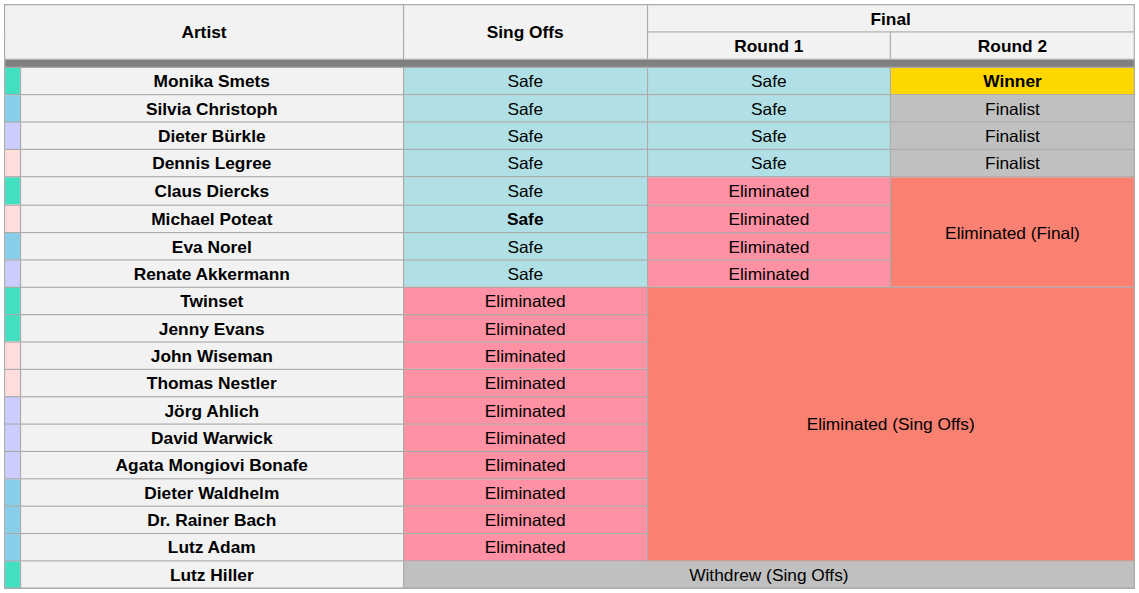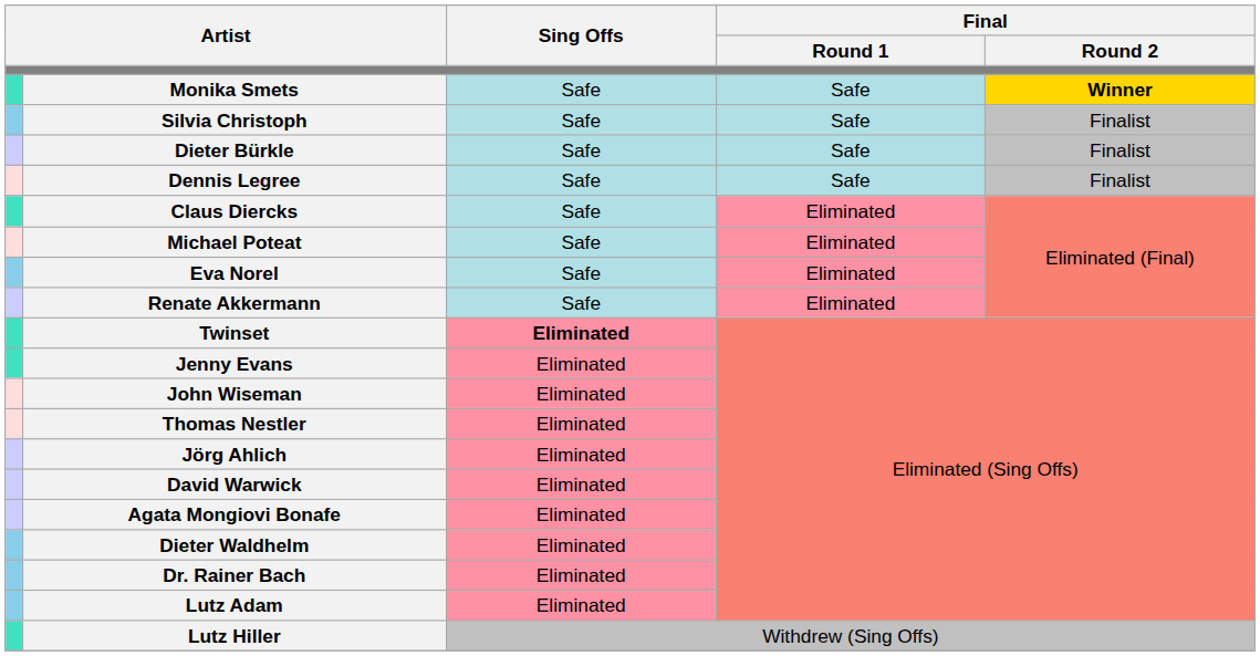 <table class="wikitable"  style="text-align:center; font-size:95%; width:50%;">
 <tr>
 </tr>
 <tr>
 <th style="width:18%" colspan="2" rowspan="2" scope="col">Artist</th>
 <th style="width:11%" colspan="1" rowspan="2" scope="col">Sing Offs</th>
 <th style="width:22%" colspan="2" scope="col">Final</th>
 </tr>
 <tr>
 <th style="width:11%">Round 1</th>
 <th style="width:11%">Round 2</th>
 </tr>
 <tr>
 <th colspan="10" style="background:grey;"></th>
 </tr>
 <tr>
 <th style="background:#40e0c0"></th>
 <th>Monika Smets</th>
 <td style="background:#B0E0E6;">Safe</td>
 <td style="background:#B0E0E6;">Safe</td>
 <td style="background:gold;"><strong>Winner</strong></td>
 </tr>
 <tr>
 <th style="background:#87ceeb;"></th>
 <th>Silvia Christoph</th>
 <td style="background:#B0E0E6;">Safe</td>
 <td style="background:#B0E0E6;">Safe</td>
 <td style="background:silver;">Finalist</td>
 </tr>
 <tr>
 <th style="background:#ccf;"></th>
 <th>Dieter Bürkle</th>
 <td style="background:#B0E0E6;">Safe</td>
 <td style="background:#B0E0E6;">Safe</td>
 <td style="background:silver;">Finalist</td>
 </tr>
 <tr>
 <th style="background:#ffdddd;"></th>
 <th>Dennis Legree</th>
 <td style="background:#B0E0E6;">Safe</td>
 <td style="background:#B0E0E6;">Safe</td>
 <td style="background:silver;">Finalist</td>
 </tr>
 <tr>
 <th style="background:#40e0c0"></th>
 <th>Claus Diercks</th>
 <td style="background:#B0E0E6;">Safe</td>
 <td style="background:#FF91A4;">Eliminated</td>
 <td rowspan=4 style="background:salmon;">Eliminated (Final)</td>
 </tr>
 <tr>
 <th style="background:#ffdddd;"></th>
 <th>Michael Poteat</th>
-<td style="background:#B0E0E6;"><strong>Safe</strong></td>
+<td style="background:#B0E0E6;">Safe</td>
 <td style="background:#FF91A4;">Eliminated</td>
 </tr>
 <tr>
 <th style="background:#87ceeb;"></th>
 <th>Eva Norel</th>
 <td style="background:#B0E0E6;">Safe</td>
 <td style="background:#FF91A4;">Eliminated</td>
 </tr>
 <tr>
 <th style="background:#ccf;"></th>
 <th>Renate Akkermann</th>
 <td style="background:#B0E0E6;">Safe</td>
 <td style="background:#FF91A4;">Eliminated</td>
 </tr>
 <tr>
 <th style="background:#40e0c0"></th>
 <th>Twinset</th>
-<td style="background:#FF91A4;">Eliminated</td>
+<td style="background:#FF91A4;"><strong>Eliminated</strong></td>
 <td rowspan="10" colspan="2" style="background:salmon;">Eliminated (Sing Offs)</td>
 </tr>
 <tr>
 <th style="background:#40e0c0"></th>
 <th>Jenny Evans</th>
 <td style="background:#FF91A4;">Eliminated</td>
 </tr>
 <tr>
 <th style="background:#ffdddd;"></th>
 <th>John Wiseman</th>
 <td style="background:#FF91A4;">Eliminated</td>
 </tr>
 <tr>
 <th style="background:#ffdddd;"></th>
 <th>Thomas Nestler</th>
 <td style="background:#FF91A4;">Eliminated</td>
 </tr>
 <tr>
 <th style="background:#ccf;"></th>
 <th>Jörg Ahlich</th>
 <td style="background:#FF91A4;">Eliminated</td>
 </tr>
 <tr>
 <th style="background:#ccf;"></th>
 <th>David Warwick</th>
 <td style="background:#FF91A4;">Eliminated</td>
 </tr>
 <tr>
 <th style="background:#ccf;"></th>
 <th>Agata Mongiovi Bonafe</th>
 <td style="background:#FF91A4;">Eliminated</td>
 </tr>
 <tr>
 <th style="background:#87ceeb;"></th>
 <th>Dieter Waldhelm</th>
 <td style="background:#FF91A4;">Eliminated</td>
 </tr>
 <tr>
 <th style="background:#87ceeb;"></th>
 <th>Dr. Rainer Bach</th>
 <td style="background:#FF91A4;">Eliminated</td>
 </tr>
 <tr>
 <th style="background:#87ceeb"></th>
 <th>Lutz Adam</th>
 <td style="background:#FF91A4;">Eliminated</td>
 </tr>
 <tr>
 <th style="background:#40e0c0"></th>
 <th>Lutz Hiller</th>
 <td colspan="3" style="background:silver;">Withdrew (Sing Offs)</td>
 </tr>
 <tr>
 </tr>
 </table>
